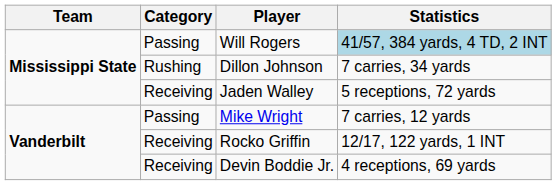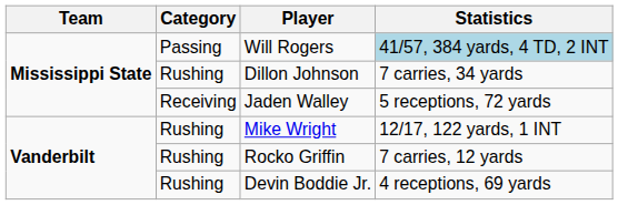 <table class="wikitable" style="float: right;">
 <tr>
 <th>Team</th>
 <th>Category</th>
 <th>Player</th>
 <th>Statistics</th>
 </tr>
 <tr>
 <td rowspan=3><strong>Mississippi State</strong></td>
 <td>Passing</td>
 <td>Will Rogers</td>
 <td style="background: lightblue;">41/57, 384 yards, 4 TD, 2 INT</td>
 </tr>
 <tr>
 <td>Rushing</td>
 <td>Dillon Johnson</td>
 <td>7 carries, 34 yards</td>
 </tr>
 <tr>
 <td>Receiving</td>
 <td>Jaden Walley</td>
 <td>5 receptions, 72 yards</td>
 </tr>
 <tr>
 <td rowspan=3><strong>Vanderbilt</strong></td>
-<td>Passing</td>
+<td>Rushing</td>
 <td><a href='#'>Mike Wright</a></td>
+<td>12/17, 122 yards, 1 INT</td>
+</tr>
+<tr>
+<td>Rushing</td>
+<td>Rocko Griffin</td>
 <td>7 carries, 12 yards</td>
 </tr>
 <tr>
-<td>Receiving</td>
-<td>Rocko Griffin</td>
-<td>12/17, 122 yards, 1 INT</td>
-</tr>
-<tr>
-<td>Receiving</td>
+<td>Rushing</td>
 <td>Devin Boddie Jr.</td>
 <td>4 receptions, 69 yards</td>
 </tr>
 </table>
